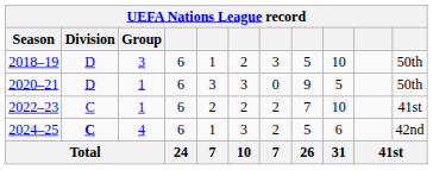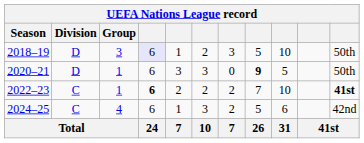 <table class="wikitable" style="text-align:center">
 <tr>
 <th colspan=11><a href='#'>UEFA Nations League</a> record</th>
 </tr>
 <tr>
 <th>Season</th>
 <th>Division</th>
 <th>Group</th>
 <th width=28></th>
 <th width=28></th>
 <th width=28></th>
 <th width=28></th>
 <th width=28></th>
 <th width=28></th>
 <th width=35></th>
 <th width=28></th>
 </tr>
 <tr>
 <td><a href='#'>2018–19</a></td>
 <td><a href='#'>D</a></td>
 <td><a href='#'>3</a></td>
-<td>6</td>
+<td style="background: lavender;">6</td>
 <td>1</td>
 <td>2</td>
 <td>3</td>
 <td>5</td>
 <td>10</td>
 <td></td>
 <td>50th</td>
 </tr>
 <tr>
 <td><a href='#'>2020–21</a></td>
 <td><a href='#'>D</a></td>
 <td><a href='#'>1</a></td>
 <td>6</td>
 <td>3</td>
 <td>3</td>
 <td>0</td>
-<td>9</td>
+<td><strong>9</strong></td>
 <td>5</td>
 <td></td>
 <td>50th</td>
 </tr>
 <tr>
 <td><a href='#'>2022–23</a></td>
 <td><a href='#'>C</a></td>
 <td><a href='#'>1</a></td>
-<td>6</td>
+<td><strong>6</strong></td>
 <td>2</td>
 <td>2</td>
 <td>2</td>
 <td>7</td>
 <td>10</td>
 <td></td>
-<td>41st</td>
+<td><strong>41st</strong></td>
 </tr>
 <tr>
 <td><a href='#'>2024–25</a></td>
-<td><strong><a href='#'>C</a></strong></td>
+<td><a href='#'>C</a></td>
 <td><a href='#'>4</a></td>
 <td>6</td>
 <td>1</td>
 <td>3</td>
 <td>2</td>
 <td>5</td>
 <td>6</td>
 <td></td>
 <td>42nd</td>
 </tr>
 <tr>
 <th colspan=3>Total</th>
 <th>24</th>
 <th>7</th>
 <th>10</th>
 <th>7</th>
 <th>26</th>
 <th>31</th>
 <th colspan=2>41st</th>
 </tr>
 </table>
